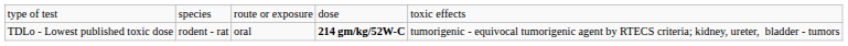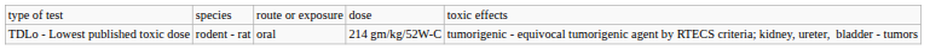 <table class="wikitable">
 <tr>
 <td>type of test</td>
 <td>species</td>
 <td>route or exposure</td>
 <td>dose</td>
 <td>toxic effects</td>
 </tr>
 <tr>
 <td>TDLo - Lowest published toxic dose</td>
 <td>rodent - rat</td>
 <td>oral</td>
-<td><strong>214 gm/kg/52W-C</strong></td>
+<td>214 gm/kg/52W-C</td>
 <td>tumorigenic - equivocal tumorigenic agent by RTECS criteria; kidney, ureter,  bladder - tumors</td>
 </tr>
 </table>
